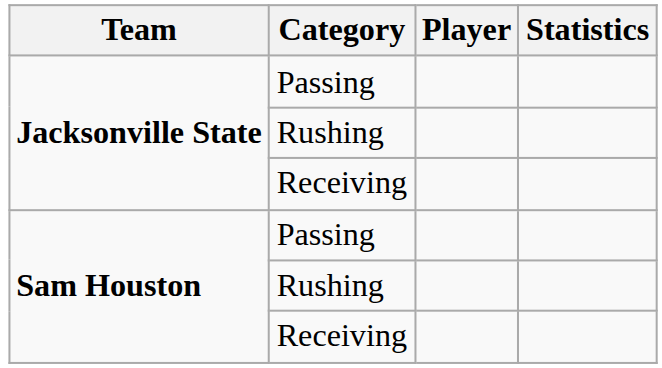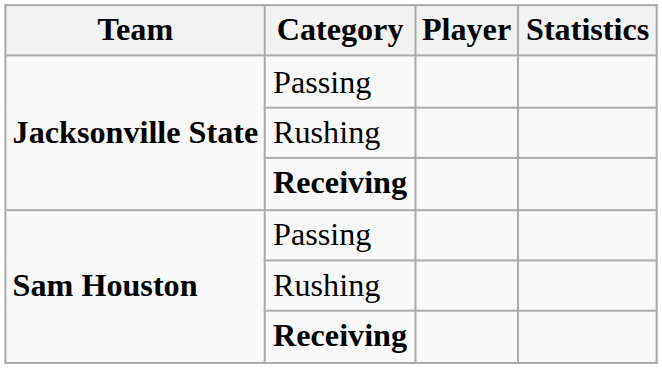 <table class="wikitable" style="float: right;">
 <tr>
 <th>Team</th>
 <th>Category</th>
 <th>Player</th>
 <th>Statistics</th>
 </tr>
 <tr>
 <td rowspan=3><strong>Jacksonville State</strong></td>
 <td>Passing</td>
 <td></td>
 <td></td>
 </tr>
 <tr>
 <td>Rushing</td>
 <td></td>
 <td></td>
 </tr>
 <tr>
-<td>Receiving</td>
+<td><strong>Receiving</strong></td>
 <td></td>
 <td></td>
 </tr>
 <tr>
 <td rowspan=3><strong>Sam Houston</strong></td>
 <td>Passing</td>
 <td></td>
 <td></td>
 </tr>
 <tr>
 <td>Rushing</td>
 <td></td>
 <td></td>
 </tr>
 <tr>
-<td>Receiving</td>
+<td><strong>Receiving</strong></td>
 <td></td>
 <td></td>
 </tr>
 </table>
